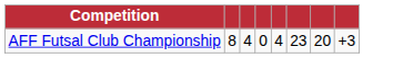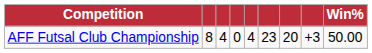 <table class="wikitable" style="text-align:center;">
 <tr>
 <th style="background:#bd2c38; color:white;">Competition</th>
 <th style="background:#bd2c38; color:white;"></th>
 <th style="background:#bd2c38; color:white;"></th>
 <th style="background:#bd2c38; color:white;"></th>
 <th style="background:#bd2c38; color:white;"></th>
 <th style="background:#bd2c38; color:white;"></th>
 <th style="background:#bd2c38; color:white;"></th>
 <th style="background:#bd2c38; color:white;"></th>
+<th style="background:#bd2c38; color:white;">Win%</th>
 </tr>
 <tr>
 <td align=left><a href='#'>AFF Futsal Club Championship</a></td>
 <td>8</td>
 <td>4</td>
 <td>0</td>
 <td>4</td>
 <td>23</td>
 <td>20</td>
 <td>+3</td>
+<td>50.00</td>
 </tr>
 </table>
